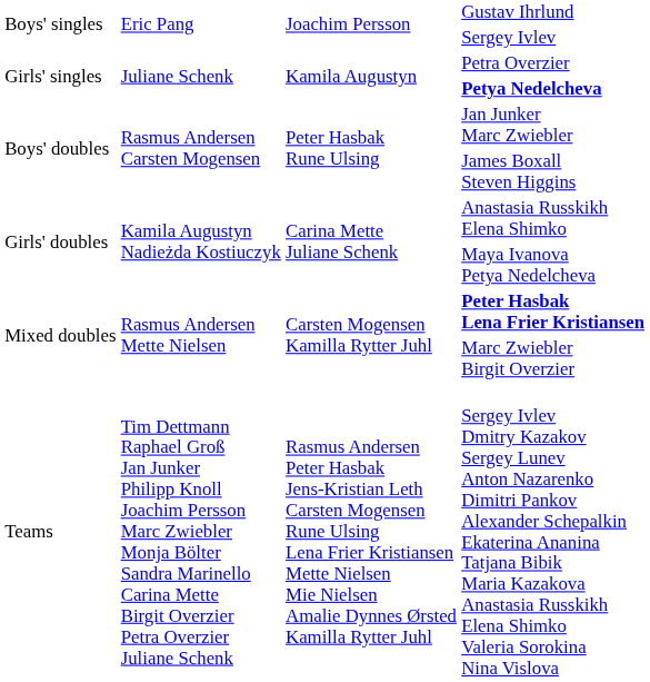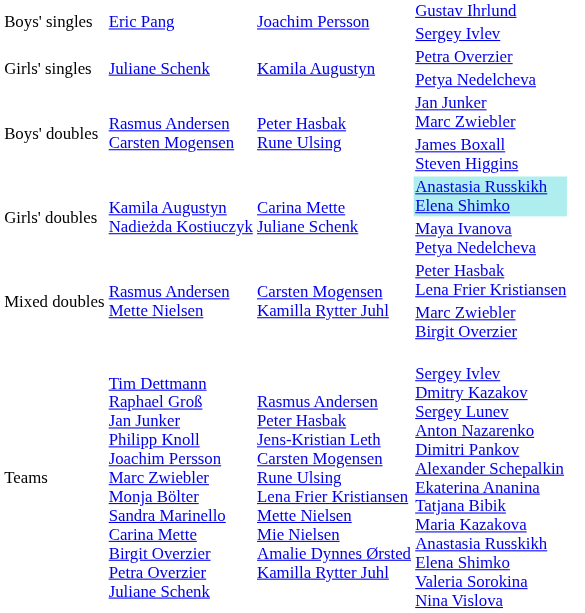 <table>
 <tr>
 <td rowspan=2>Boys' singles</td>
 <td rowspan=2> <a href='#'>Eric Pang</a></td>
 <td rowspan=2> <a href='#'>Joachim Persson</a></td>
 <td> <a href='#'>Gustav Ihrlund</a></td>
 </tr>
 <tr>
 <td> <a href='#'>Sergey Ivlev</a></td>
 </tr>
 <tr>
 <td rowspan=2>Girls' singles</td>
 <td rowspan=2> <a href='#'>Juliane Schenk</a></td>
 <td rowspan=2> <a href='#'>Kamila Augustyn</a></td>
 <td> <a href='#'>Petra Overzier</a></td>
 </tr>
 <tr>
-<td><strong> <a href='#'>Petya Nedelcheva</a></strong></td>
+<td> <a href='#'>Petya Nedelcheva</a></td>
 </tr>
 <tr>
 <td rowspan=2>Boys' doubles</td>
 <td rowspan=2> <a href='#'>Rasmus Andersen</a><br> <a href='#'>Carsten Mogensen</a></td>
 <td rowspan=2> <a href='#'>Peter Hasbak</a><br> <a href='#'>Rune Ulsing</a></td>
 <td> <a href='#'>Jan Junker</a><br> <a href='#'>Marc Zwiebler</a></td>
 </tr>
 <tr>
 <td> <a href='#'>James Boxall</a><br> <a href='#'>Steven Higgins</a></td>
 </tr>
 <tr>
 <td rowspan=2>Girls' doubles</td>
 <td rowspan=2> <a href='#'>Kamila Augustyn</a><br> <a href='#'>Nadieżda Kostiuczyk</a></td>
 <td rowspan=2> <a href='#'>Carina Mette</a><br> <a href='#'>Juliane Schenk</a></td>
-<td> <a href='#'>Anastasia Russkikh</a><br> <a href='#'>Elena Shimko</a></td>
+<td style="background: paleturquoise;"> <a href='#'>Anastasia Russkikh</a><br> <a href='#'>Elena Shimko</a></td>
 </tr>
 <tr>
 <td> <a href='#'>Maya Ivanova</a><br> <a href='#'>Petya Nedelcheva</a></td>
 </tr>
 <tr>
 <td rowspan=2>Mixed doubles</td>
 <td rowspan=2> <a href='#'>Rasmus Andersen</a><br> <a href='#'>Mette Nielsen</a></td>
 <td rowspan=2> <a href='#'>Carsten Mogensen</a><br> <a href='#'>Kamilla Rytter Juhl</a></td>
-<td><strong> <a href='#'>Peter Hasbak</a><br> <a href='#'>Lena Frier Kristiansen</a></strong></td>
+<td> <a href='#'>Peter Hasbak</a><br> <a href='#'>Lena Frier Kristiansen</a></td>
 </tr>
 <tr>
 <td> <a href='#'>Marc Zwiebler</a><br> <a href='#'>Birgit Overzier</a></td>
 </tr>
 <tr>
 <td>Teams</td>
 <td><br><a href='#'>Tim Dettmann</a><br><a href='#'>Raphael Groß</a><br><a href='#'>Jan Junker</a><br><a href='#'>Philipp Knoll</a><br><a href='#'>Joachim Persson</a><br><a href='#'>Marc Zwiebler</a><br><a href='#'>Monja Bölter</a><br><a href='#'>Sandra Marinello</a><br><a href='#'>Carina Mette</a><br><a href='#'>Birgit Overzier</a><br><a href='#'>Petra Overzier</a><br><a href='#'>Juliane Schenk</a></td>
 <td><br><a href='#'>Rasmus Andersen</a><br><a href='#'>Peter Hasbak</a><br><a href='#'>Jens-Kristian Leth</a><br><a href='#'>Carsten Mogensen</a><br><a href='#'>Rune Ulsing</a><br><a href='#'>Lena Frier Kristiansen</a><br><a href='#'>Mette Nielsen</a><br><a href='#'>Mie Nielsen</a><br><a href='#'>Amalie Dynnes Ørsted</a><br><a href='#'>Kamilla Rytter Juhl</a></td>
 <td><br><a href='#'>Sergey Ivlev</a><br><a href='#'>Dmitry Kazakov</a><br><a href='#'>Sergey Lunev</a><br><a href='#'>Anton Nazarenko</a><br><a href='#'>Dimitri Pankov</a><br><a href='#'>Alexander Schepalkin</a><br><a href='#'>Ekaterina Ananina</a><br><a href='#'>Tatjana Bibik</a><br><a href='#'>Maria Kazakova</a><br><a href='#'>Anastasia Russkikh</a><br><a href='#'>Elena Shimko</a><br><a href='#'>Valeria Sorokina</a><br><a href='#'>Nina Vislova</a></td>
 </tr>
 </table>
